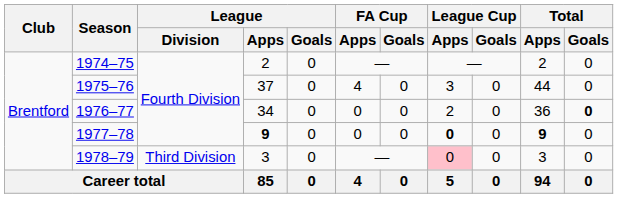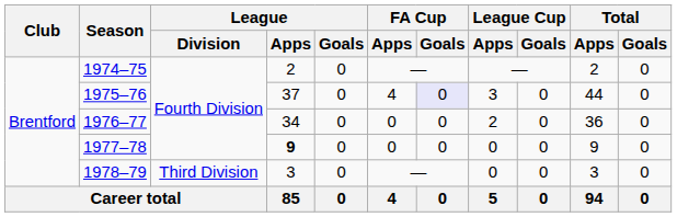 <table class="wikitable" style="text-align: center;">
 <tr>
 <th rowspan="2">Club</th>
 <th rowspan="2">Season</th>
 <th colspan="3">League</th>
 <th colspan="2">FA Cup</th>
 <th colspan="2">League Cup</th>
 <th colspan="2">Total</th>
 </tr>
 <tr>
 <th>Division</th>
 <th>Apps</th>
 <th>Goals</th>
 <th>Apps</th>
 <th>Goals</th>
 <th>Apps</th>
 <th>Goals</th>
 <th>Apps</th>
 <th>Goals</th>
 </tr>
 <tr>
 <td rowspan="5"><a href='#'>Brentford</a></td>
 <td><a href='#'>1974–75</a></td>
 <td rowspan="4"><a href='#'>Fourth Division</a></td>
 <td>2</td>
 <td>0</td>
 <td colspan="2">—</td>
 <td colspan="2">—</td>
 <td>2</td>
 <td>0</td>
 </tr>
 <tr>
 <td><a href='#'>1975–76</a></td>
 <td>37</td>
 <td>0</td>
 <td>4</td>
-<td>0</td>
+<td style="background: lavender;">0</td>
 <td>3</td>
 <td>0</td>
 <td>44</td>
 <td>0</td>
 </tr>
 <tr>
 <td><a href='#'>1976–77</a></td>
 <td>34</td>
 <td>0</td>
 <td>0</td>
 <td>0</td>
 <td>2</td>
 <td>0</td>
 <td>36</td>
-<td><strong>0</strong></td>
+<td>0</td>
 </tr>
 <tr>
 <td><a href='#'>1977–78</a></td>
 <td><strong>9</strong></td>
 <td>0</td>
 <td>0</td>
 <td>0</td>
-<td><strong>0</strong></td>
 <td>0</td>
-<td><strong>9</strong></td>
+<td>0</td>
+<td>9</td>
 <td>0</td>
 </tr>
 <tr>
 <td><a href='#'>1978–79</a></td>
 <td><a href='#'>Third Division</a></td>
 <td>3</td>
 <td>0</td>
 <td colspan="2">—</td>
-<td style="background: pink;">0</td>
+<td>0</td>
 <td>0</td>
 <td>3</td>
 <td>0</td>
 </tr>
 <tr>
 <th colspan="3">Career total</th>
 <th>85</th>
 <th>0</th>
 <th>4</th>
 <th>0</th>
 <th>5</th>
 <th>0</th>
 <th>94</th>
 <th>0</th>
 </tr>
 </table>
